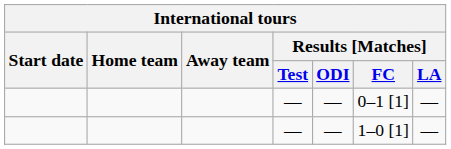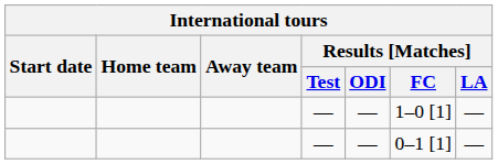 <table class="wikitable">
 <tr>
 <th colspan="7">International tours</th>
 </tr>
 <tr>
 <th rowspan="2">Start date</th>
 <th rowspan="2">Home team</th>
 <th rowspan="2">Away team</th>
 <th colspan="4">Results [Matches]</th>
 </tr>
 <tr>
 <th><a href='#'>Test</a></th>
 <th><a href='#'>ODI</a></th>
 <th><a href='#'>FC</a></th>
 <th><a href='#'>LA</a></th>
 </tr>
 <tr>
 <td><a href='#'></a></td>
 <td></td>
 <td></td>
 <td ; style="text-align:center">—</td>
 <td ; style="text-align:center">—</td>
-<td>0–1 [1]</td>
+<td>1–0 [1]</td>
 <td ; style="text-align:center">—</td>
 </tr>
 <tr>
 <td><a href='#'></a></td>
 <td></td>
 <td></td>
 <td ; style="text-align:center">—</td>
 <td ; style="text-align:center">—</td>
-<td>1–0 [1]</td>
+<td>0–1 [1]</td>
 <td ; style="text-align:center">—</td>
 </tr>
 </table>
